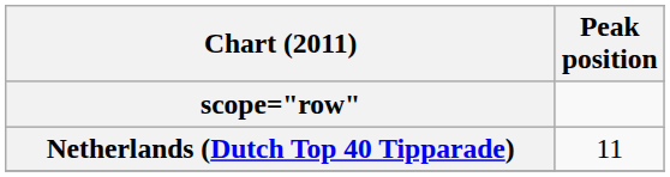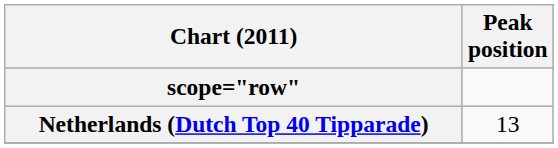 <table class="wikitable sortable plainrowheaders" style="text-align:center">
 <tr>
 <th scope="col" style="width:19em;">Chart (2011)</th>
 <th scope="col">Peak<br>position</th>
 </tr>
 <tr>
 <th>scope="row" </th>
 </tr>
 <tr>
 <th scope="row">Netherlands (<a href='#'>Dutch Top 40 Tipparade</a>)</th>
-<td>11</td>
+<td>13</td>
 </tr>
 <tr>
 </tr>
 </table>
